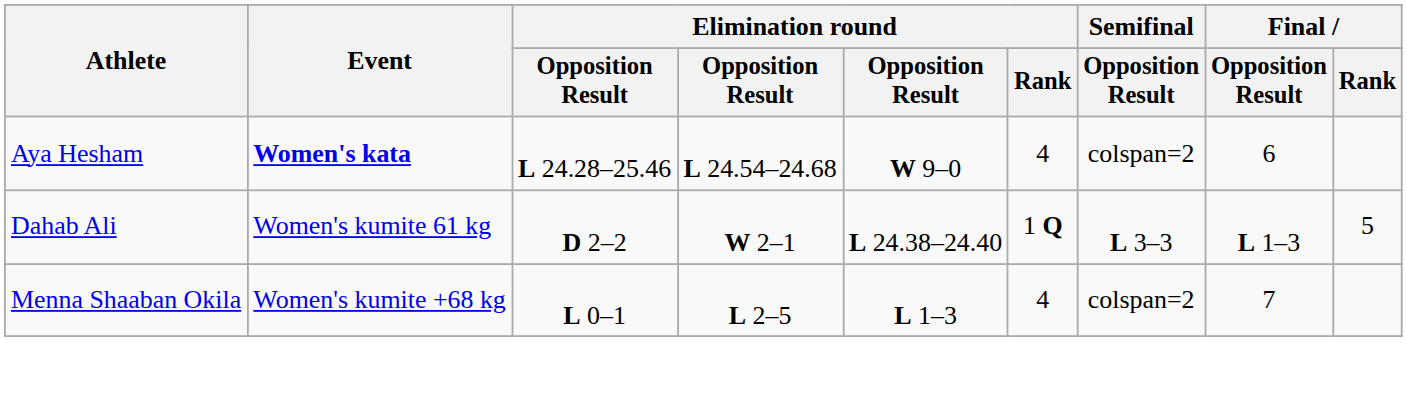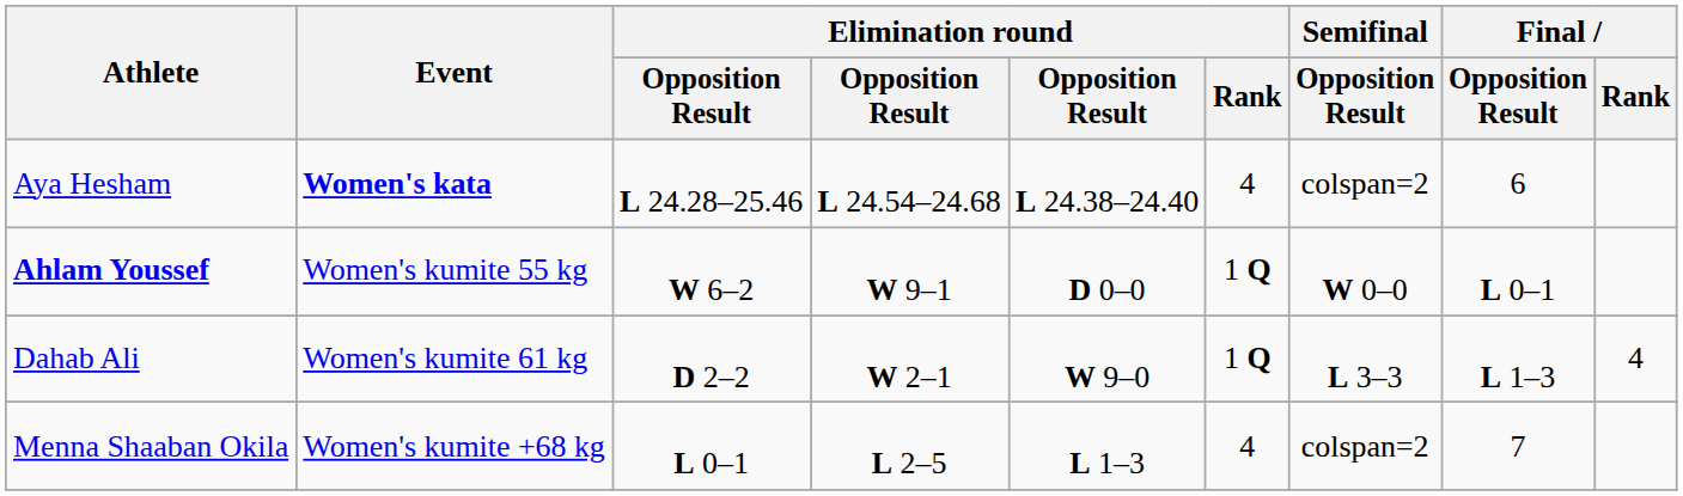 <table class=wikitable style=font-size:90%;text-align:center>
 <tr>
 <th rowspan=2>Athlete</th>
 <th rowspan=2>Event</th>
 <th colspan=4>Elimination round</th>
 <th>Semifinal</th>
 <th colspan=2>Final / </th>
 </tr>
 <tr style=font-size:95%>
 <th>Opposition<br>Result</th>
 <th>Opposition<br>Result</th>
 <th>Opposition<br>Result</th>
 <th>Rank</th>
 <th>Opposition<br>Result</th>
 <th>Opposition<br>Result</th>
 <th>Rank</th>
 </tr>
 <tr>
 <td align=left><a href='#'>Aya Hesham</a></td>
 <td align=left><strong><a href='#'>Women's kata</a></strong></td>
 <td><br><strong>L</strong> 24.28–25.46</td>
 <td><br><strong>L</strong> 24.54–24.68</td>
-<td><br><strong>W</strong> 9–0</td>
+<td><br><strong>L</strong> 24.38–24.40</td>
 <td>4</td>
 <td>colspan=2 </td>
 <td>6</td>
+</tr>
+<tr>
+<td align=left><strong><a href='#'>Ahlam Youssef</a></strong></td>
+<td align=left><a href='#'>Women's kumite 55 kg</a></td>
+<td><br><strong>W</strong> 6–2</td>
+<td><br><strong>W</strong> 9–1</td>
+<td><br><strong>D</strong> 0–0</td>
+<td>1 <strong>Q</strong></td>
+<td><br><strong>W</strong> 0–0</td>
+<td><br><strong>L</strong> 0–1</td>
+<td></td>
 </tr>
 <tr>
 <td align=left><a href='#'>Dahab Ali</a></td>
 <td align=left><a href='#'>Women's kumite 61 kg</a></td>
 <td><br><strong>D</strong> 2–2</td>
 <td><br><strong>W</strong> 2–1</td>
-<td><br><strong>L</strong> 24.38–24.40</td>
+<td><br><strong>W</strong> 9–0</td>
 <td>1 <strong>Q</strong></td>
 <td><br><strong>L</strong> 3–3</td>
 <td><br><strong>L</strong> 1–3</td>
-<td>5</td>
+<td>4</td>
 </tr>
 <tr>
 <td align=left><a href='#'>Menna Shaaban Okila</a></td>
 <td align=left><a href='#'>Women's kumite +68 kg</a></td>
 <td><br><strong>L</strong> 0–1</td>
 <td><br><strong>L</strong> 2–5</td>
 <td><br><strong>L</strong> 1–3</td>
 <td>4</td>
 <td>colspan=2 </td>
 <td>7</td>
 </tr>
 </table>
